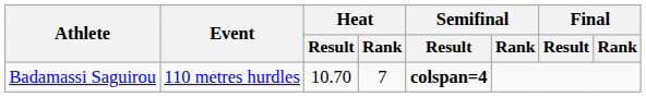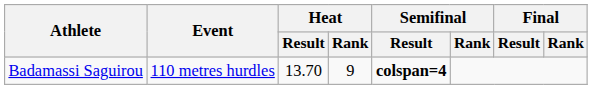 <table class="wikitable" style="font-size:90%">
 <tr>
 <th rowspan="2">Athlete</th>
 <th rowspan="2">Event</th>
 <th colspan="2">Heat</th>
 <th colspan="2">Semifinal</th>
 <th colspan="2">Final</th>
 </tr>
 <tr style="font-size:95%">
 <th>Result</th>
 <th>Rank</th>
 <th>Result</th>
 <th>Rank</th>
 <th>Result</th>
 <th>Rank</th>
 </tr>
 <tr align=center>
 <td align=left><a href='#'>Badamassi Saguirou</a></td>
 <td align=left><a href='#'>110 metres hurdles</a></td>
-<td>10.70</td>
-<td>7</td>
+<td>13.70</td>
+<td>9</td>
 <td><strong>colspan=4 </strong></td>
 </tr>
 </table>
